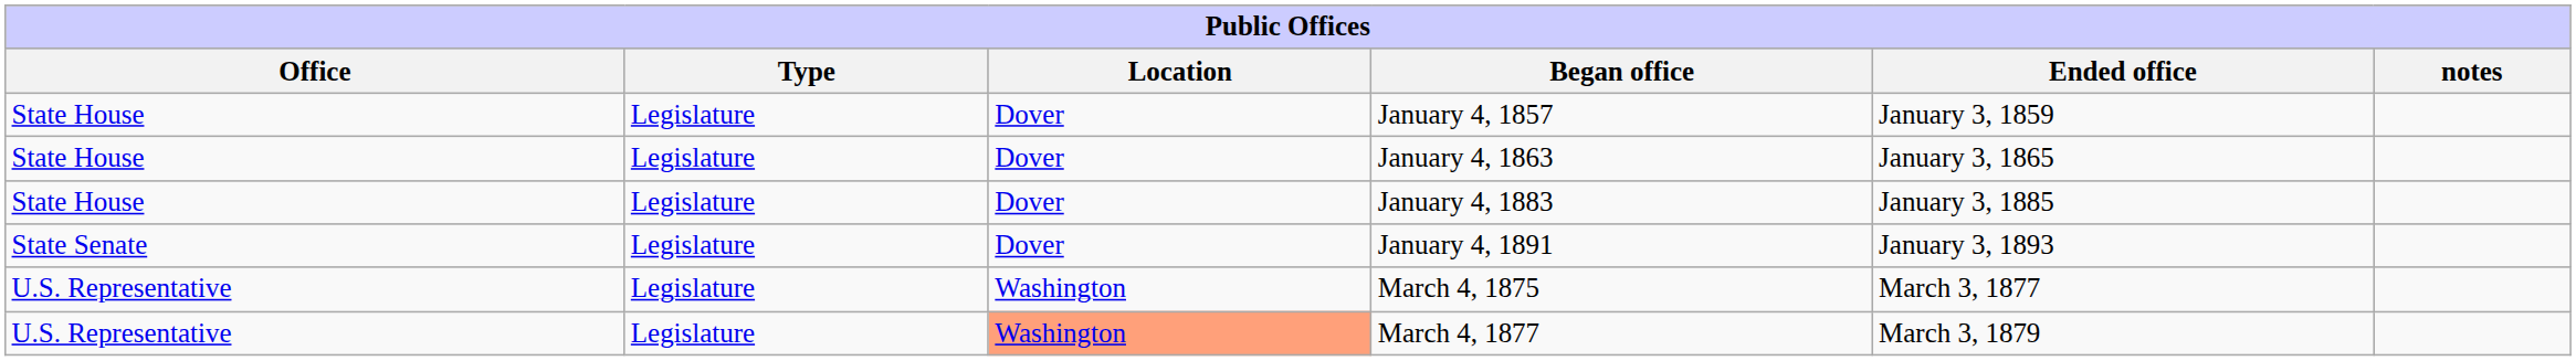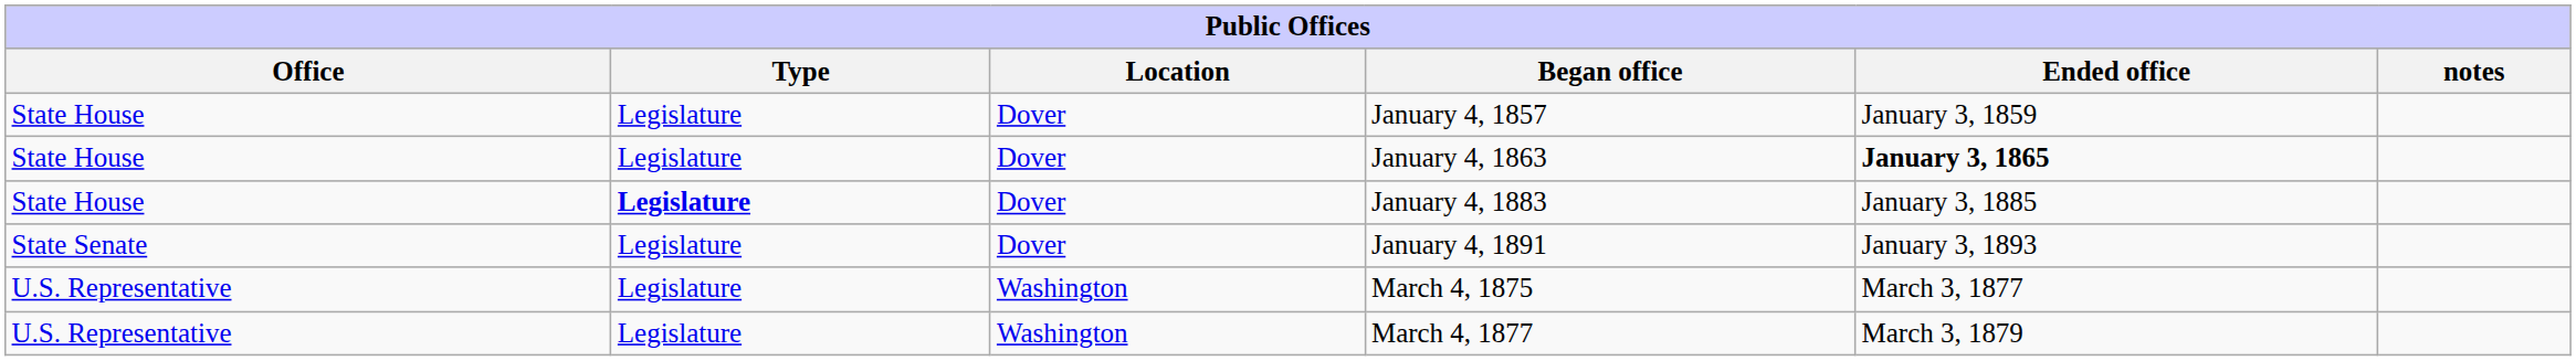 <table class=wikitable style="width: 94%" style="text-align: center;" align="center">
 <tr bgcolor=#cccccc>
 <th colspan=7 style="background: #ccccff;">Public Offices</th>
 </tr>
 <tr>
 <th><strong>Office</strong></th>
 <th><strong>Type</strong></th>
 <th><strong>Location</strong></th>
 <th><strong>Began office</strong></th>
 <th><strong>Ended office</strong></th>
 <th><strong>notes</strong></th>
 </tr>
 <tr>
 <td><a href='#'>State House</a></td>
 <td><a href='#'>Legislature</a></td>
 <td><a href='#'>Dover</a></td>
 <td>January 4, 1857</td>
 <td>January 3, 1859</td>
 <td></td>
 </tr>
 <tr>
 <td><a href='#'>State House</a></td>
 <td><a href='#'>Legislature</a></td>
 <td><a href='#'>Dover</a></td>
 <td>January 4, 1863</td>
-<td>January 3, 1865</td>
+<td><strong>January 3, 1865</strong></td>
 <td></td>
 </tr>
 <tr>
 <td><a href='#'>State House</a></td>
-<td><a href='#'>Legislature</a></td>
+<td><strong><a href='#'>Legislature</a></strong></td>
 <td><a href='#'>Dover</a></td>
 <td>January 4, 1883</td>
 <td>January 3, 1885</td>
 <td></td>
 </tr>
 <tr>
 <td><a href='#'>State Senate</a></td>
 <td><a href='#'>Legislature</a></td>
 <td><a href='#'>Dover</a></td>
 <td>January 4, 1891</td>
 <td>January 3, 1893</td>
 <td></td>
 </tr>
 <tr>
 <td><a href='#'>U.S. Representative</a></td>
 <td><a href='#'>Legislature</a></td>
 <td><a href='#'>Washington</a></td>
 <td>March 4, 1875</td>
 <td>March 3, 1877</td>
 <td></td>
 </tr>
 <tr>
 <td><a href='#'>U.S. Representative</a></td>
 <td><a href='#'>Legislature</a></td>
-<td style="background: lightsalmon;"><a href='#'>Washington</a></td>
+<td><a href='#'>Washington</a></td>
 <td>March 4, 1877</td>
 <td>March 3, 1879</td>
 <td></td>
 </tr>
 </table>
